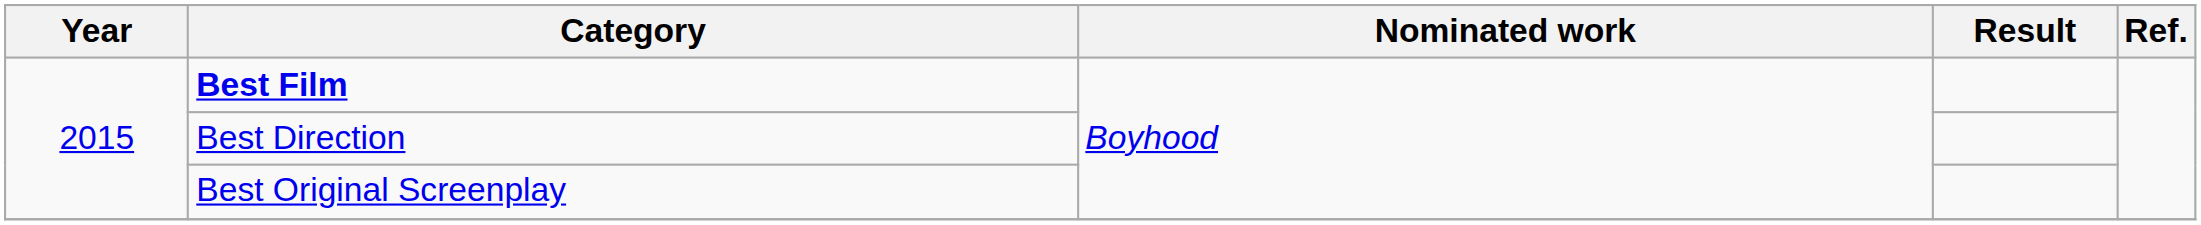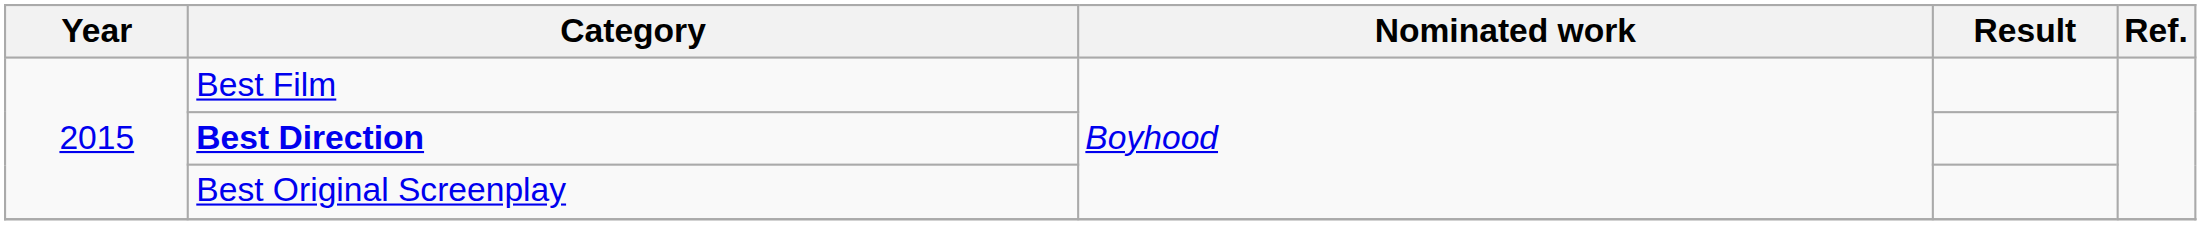 <table class="wikitable">
 <tr>
 <th scope="col" style="width:5em;">Year</th>
 <th scope="col" style="width:26em;">Category</th>
 <th scope="col" style="width:25em;">Nominated work</th>
 <th scope="col" style="width:5em;">Result</th>
 <th>Ref.</th>
 </tr>
 <tr>
 <td rowspan="3" style="text-align:center;" ,><a href='#'>2015</a></td>
-<td><strong><a href='#'>Best Film</a></strong></td>
+<td><a href='#'>Best Film</a></td>
 <td rowspan="3"><em><a href='#'>Boyhood</a></em></td>
 <td></td>
 <td rowspan="3"></td>
 </tr>
 <tr>
-<td><a href='#'>Best Direction</a></td>
+<td><strong><a href='#'>Best Direction</a></strong></td>
 <td></td>
 </tr>
 <tr>
 <td><a href='#'>Best Original Screenplay</a></td>
 <td></td>
 </tr>
 <tr>
 </tr>
 </table>
